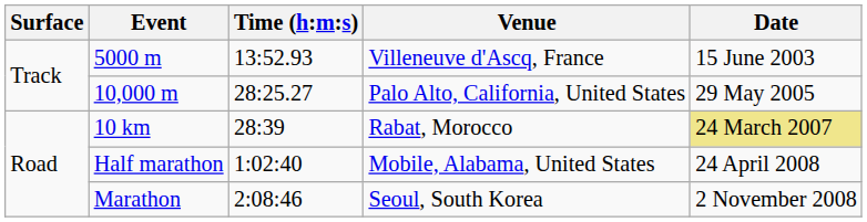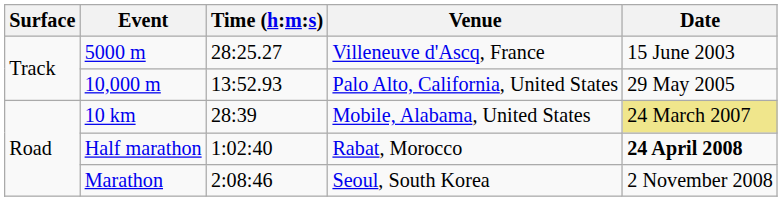 <table class="wikitable">
 <tr>
 <th>Surface</th>
 <th>Event</th>
 <th>Time (<a href='#'>h</a>:<a href='#'>m</a>:<a href='#'>s</a>)</th>
 <th>Venue</th>
 <th>Date</th>
 </tr>
 <tr>
 <td rowspan=2>Track</td>
 <td><a href='#'>5000 m</a></td>
-<td>13:52.93</td>
+<td>28:25.27</td>
 <td><a href='#'>Villeneuve d'Ascq</a>, France</td>
 <td>15 June 2003</td>
 </tr>
 <tr>
 <td><a href='#'>10,000 m</a></td>
-<td>28:25.27</td>
+<td>13:52.93</td>
 <td><a href='#'>Palo Alto, California</a>, United States</td>
 <td>29 May 2005</td>
 </tr>
 <tr>
 <td rowspan=3>Road</td>
 <td><a href='#'>10 km</a></td>
 <td>28:39</td>
-<td><a href='#'>Rabat</a>, Morocco</td>
+<td><a href='#'>Mobile, Alabama</a>, United States</td>
 <td style="background: khaki;">24 March 2007</td>
 </tr>
 <tr>
 <td><a href='#'>Half marathon</a></td>
 <td>1:02:40</td>
-<td><a href='#'>Mobile, Alabama</a>, United States</td>
-<td>24 April 2008</td>
+<td><a href='#'>Rabat</a>, Morocco</td>
+<td><strong>24 April 2008</strong></td>
 </tr>
 <tr>
 <td><a href='#'>Marathon</a></td>
 <td>2:08:46</td>
 <td><a href='#'>Seoul</a>, South Korea</td>
 <td>2 November 2008</td>
 </tr>
 </table>
